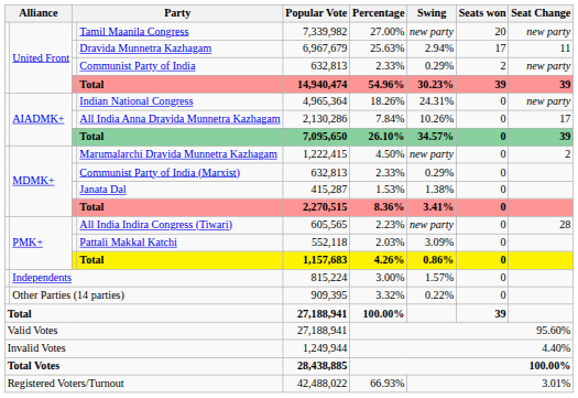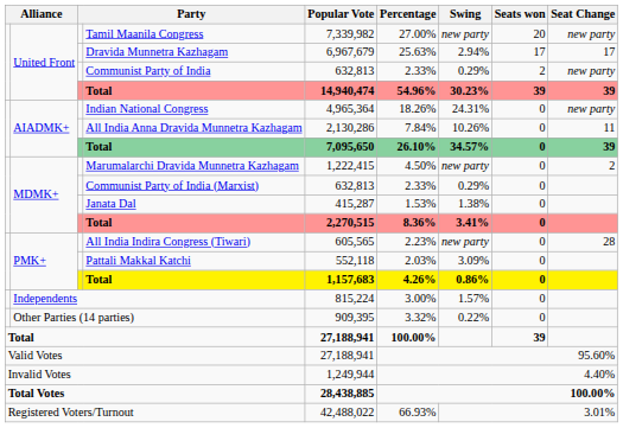 <table class='wikitable'>
 <tr>
 <th colspan="2" align=centre>Alliance</th>
 <th colspan="2" align=centre>Party</th>
 <th align=centre>Popular Vote</th>
 <th align=centre>Percentage</th>
 <th align=centre>Swing</th>
 <th align=centre>Seats won</th>
 <th align=centre>Seat Change</th>
 </tr>
 <tr>
 <td rowspan="4"></td>
 <td rowspan="4"><a href='#'>United Front</a></td>
 <td></td>
 <td><a href='#'>Tamil Maanila Congress</a></td>
 <td align=right>7,339,982</td>
 <td align=right>27.00%</td>
 <td align=right><em>new party</em></td>
 <td align=right>20</td>
 <td align=right><em>new party</em></td>
 </tr>
 <tr>
 <td></td>
 <td><a href='#'>Dravida Munnetra Kazhagam</a></td>
 <td align=right>6,967,679</td>
 <td align=right>25.63%</td>
 <td align=right>2.94%</td>
 <td align=right>17</td>
-<td align=right>11</td>
+<td align=right>17</td>
 </tr>
 <tr>
 <td></td>
 <td><a href='#'>Communist Party of India</a></td>
 <td align=right>632,813</td>
 <td align=right>2.33%</td>
 <td align=right>0.29%</td>
 <td align=right>2</td>
 <td align=right><em>new party</em></td>
 </tr>
 <tr>
 <td style="background:#FF9494"></td>
 <td style="background:#FF9494" align=left><strong>Total</strong></td>
 <td style="background:#FF9494" align=right><strong>14,940,474</strong></td>
 <td style="background:#FF9494" align=right><strong>54.96%</strong></td>
 <td style="background:#FF9494" align=right><strong>30.23%</strong></td>
 <td style="background:#FF9494" align=right><strong>39</strong></td>
 <td style="background:#FF9494" align=right><strong>39</strong></td>
 </tr>
 <tr>
 <td rowspan="3"></td>
 <td rowspan="3"><a href='#'>AIADMK+</a></td>
 <td></td>
 <td><a href='#'>Indian National Congress</a></td>
 <td align=right>4,965,364</td>
 <td align=right>18.26%</td>
 <td align=right>24.31%</td>
 <td align=right>0</td>
 <td align=right><em>new party</em></td>
 </tr>
 <tr>
 <td></td>
 <td><a href='#'>All India Anna Dravida Munnetra Kazhagam</a></td>
 <td align=right>2,130,286</td>
 <td align=right>7.84%</td>
 <td align=right>10.26%</td>
 <td align=right>0</td>
-<td align=right>17</td>
+<td align=right>11</td>
 </tr>
 <tr>
 <td style="background:#88D19F"></td>
 <td style="background:#88D19F" align=left><strong>Total</strong></td>
 <td style="background:#88D19F" align=right><strong>7,095,650</strong></td>
 <td style="background:#88D19F" align=right><strong>26.10%</strong></td>
 <td style="background:#88D19F" align=right><strong>34.57%</strong></td>
 <td style="background:#88D19F" align=right><strong>0</strong></td>
 <td style="background:#88D19F" align=right><strong>39</strong></td>
 </tr>
 <tr>
 <td rowspan="4"></td>
 <td rowspan="4"><a href='#'>MDMK+</a></td>
 <td></td>
 <td><a href='#'>Marumalarchi Dravida Munnetra Kazhagam</a></td>
 <td align=right>1,222,415</td>
 <td align=right>4.50%</td>
 <td align=right><em>new party</em></td>
 <td align=right>0</td>
 <td align=right>2</td>
 </tr>
 <tr>
 <td></td>
 <td><a href='#'>Communist Party of India (Marxist)</a></td>
 <td align=right>632,813</td>
 <td align=right>2.33%</td>
 <td align=right>0.29%</td>
 <td align=right>0</td>
 <td align=right></td>
 </tr>
 <tr>
 <td></td>
 <td><a href='#'>Janata Dal</a></td>
 <td align=right>415,287</td>
 <td align=right>1.53%</td>
 <td align=right>1.38%</td>
 <td align=right>0</td>
 <td align=right></td>
 </tr>
 <tr>
 <td style="background:#FF9494"></td>
 <td style="background:#FF9494" align=left><strong>Total</strong></td>
 <td style="background:#FF9494" align=right><strong>2,270,515</strong></td>
 <td style="background:#FF9494" align=right><strong>8.36%</strong></td>
 <td style="background:#FF9494" align=right><strong>3.41%</strong></td>
 <td style="background:#FF9494" align=right><strong>0</strong></td>
 <td style="background:#FF9494" align=right></td>
 </tr>
 <tr>
 <td rowspan="3"></td>
 <td rowspan="3"><a href='#'>PMK+</a></td>
 <td></td>
 <td><a href='#'>All India Indira Congress (Tiwari)</a></td>
 <td align=right>605,565</td>
 <td align=right>2.23%</td>
 <td align=right><em>new party</em></td>
 <td align=right>0</td>
 <td align=right>28</td>
 </tr>
 <tr>
 <td></td>
 <td><a href='#'>Pattali Makkal Katchi</a></td>
 <td align=right>552,118</td>
 <td align=right>2.03%</td>
 <td align=right>3.09%</td>
 <td align=right>0</td>
 <td align=right></td>
 </tr>
 <tr>
 <td style="background:#FFF200"></td>
 <td style="background:#FFF200" align=left><strong>Total</strong></td>
 <td style="background:#FFF200" align=right><strong>1,157,683</strong></td>
 <td style="background:#FFF200" align=right><strong>4.26%</strong></td>
 <td style="background:#FFF200" align=right><strong>0.86%</strong></td>
 <td style="background:#FFF200" align=right><strong>0</strong></td>
 <td style="background:#FFF200" align=right></td>
 </tr>
 <tr>
 <td></td>
 <td colspan="3" align=left><a href='#'>Independents</a></td>
 <td align=right>815,224</td>
 <td align=right>3.00%</td>
 <td align=right>1.57%</td>
 <td align=right>0</td>
 <td align=right></td>
 </tr>
 <tr>
 <td></td>
 <td colspan="3" align=left>Other Parties (14 parties)</td>
 <td align=right>909,395</td>
 <td align=right>3.32%</td>
 <td align=right>0.22%</td>
 <td align=right>0</td>
 <td align=right></td>
 </tr>
 <tr>
 <td colspan="4" align=left><strong>Total</strong></td>
 <td align=right><strong>27,188,941</strong></td>
 <td align=right><strong>100.00%</strong></td>
 <td align=right></td>
 <td align=right><strong>39</strong></td>
 <td align=right></td>
 </tr>
 <tr>
 <td colspan="4" align=left>Valid Votes</td>
 <td align=right>27,188,941</td>
 <td colspan="4" align=right>95.60%</td>
 </tr>
 <tr>
 <td colspan="4" align=left>Invalid Votes</td>
 <td align=right>1,249,944</td>
 <td colspan="4" align=right>4.40%</td>
 </tr>
 <tr>
 <td colspan="4" align=left><strong>Total Votes</strong></td>
 <td align=right><strong>28,438,885</strong></td>
 <td colspan="4" align=right><strong>100.00%</strong></td>
 </tr>
 <tr>
 <td colspan="4" align=left>Registered Voters/Turnout</td>
 <td align=right>42,488,022</td>
 <td align=right>66.93%</td>
 <td colspan="3" align=right>3.01%</td>
 </tr>
 </table>
